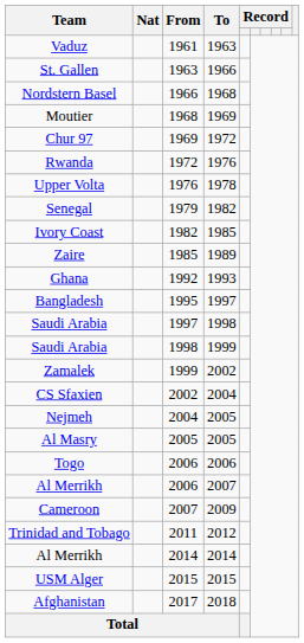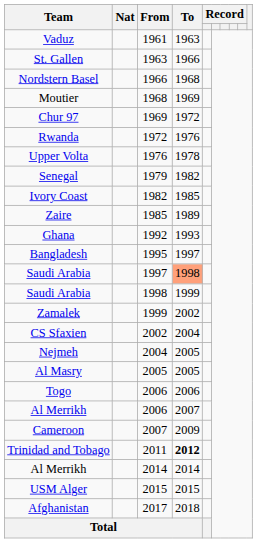 <table class="wikitable" style="text-align:center">
 <tr>
 <th rowspan="2">Team</th>
 <th rowspan="2">Nat</th>
 <th rowspan="2">From</th>
 <th rowspan="2">To</th>
 <th colspan="5">Record</th>
 <th rowspan="2"></th>
 </tr>
 <tr>
 <th></th>
 <th></th>
 <th></th>
 <th></th>
 <th></th>
 </tr>
 <tr>
 <td><a href='#'>Vaduz</a></td>
 <td></td>
 <td>1961</td>
 <td>1963<br></td>
 <td></td>
 </tr>
 <tr>
 <td><a href='#'>St. Gallen</a></td>
 <td></td>
 <td>1963</td>
 <td>1966<br></td>
 <td></td>
 </tr>
 <tr>
 <td><a href='#'>Nordstern Basel</a></td>
 <td></td>
 <td>1966</td>
 <td>1968<br></td>
 <td></td>
 </tr>
 <tr>
 <td>Moutier</td>
 <td></td>
 <td>1968</td>
 <td>1969<br></td>
 <td></td>
 </tr>
 <tr>
 <td><a href='#'>Chur 97</a></td>
 <td></td>
 <td>1969</td>
 <td>1972<br></td>
 <td></td>
 </tr>
 <tr>
 <td><a href='#'>Rwanda</a></td>
 <td></td>
 <td>1972</td>
 <td>1976<br></td>
 <td></td>
 </tr>
 <tr>
 <td><a href='#'>Upper Volta</a></td>
 <td></td>
 <td>1976</td>
 <td>1978<br></td>
 <td></td>
 </tr>
 <tr>
 <td><a href='#'>Senegal</a></td>
 <td></td>
 <td>1979</td>
 <td>1982<br></td>
 <td></td>
 </tr>
 <tr>
 <td><a href='#'>Ivory Coast</a></td>
 <td></td>
 <td>1982</td>
 <td>1985<br></td>
 <td></td>
 </tr>
 <tr>
 <td><a href='#'>Zaire</a></td>
 <td></td>
 <td>1985</td>
 <td>1989<br></td>
 <td></td>
 </tr>
 <tr>
 <td><a href='#'>Ghana</a></td>
 <td></td>
 <td>1992</td>
 <td>1993<br></td>
 <td></td>
 </tr>
 <tr>
 <td><a href='#'>Bangladesh</a></td>
 <td></td>
 <td>1995</td>
 <td>1997<br></td>
 <td></td>
 </tr>
 <tr>
 <td><a href='#'>Saudi Arabia</a></td>
 <td></td>
 <td>1997</td>
-<td>1998<br></td>
+<td style="background: lightsalmon;">1998<br></td>
 <td></td>
 </tr>
 <tr>
 <td><a href='#'>Saudi Arabia</a></td>
 <td></td>
 <td>1998</td>
 <td>1999<br></td>
 <td></td>
 </tr>
 <tr>
 <td><a href='#'>Zamalek</a></td>
 <td></td>
 <td>1999</td>
 <td>2002<br></td>
 <td></td>
 </tr>
 <tr>
 <td><a href='#'>CS Sfaxien</a></td>
 <td></td>
 <td>2002</td>
 <td>2004<br></td>
 <td></td>
 </tr>
 <tr>
 <td><a href='#'>Nejmeh</a></td>
 <td></td>
 <td>2004</td>
 <td>2005<br></td>
 <td></td>
 </tr>
 <tr>
 <td><a href='#'>Al Masry</a></td>
 <td></td>
 <td>2005</td>
 <td>2005<br></td>
 <td></td>
 </tr>
 <tr>
 <td><a href='#'>Togo</a></td>
 <td></td>
 <td>2006</td>
 <td>2006<br></td>
 <td></td>
 </tr>
 <tr>
 <td><a href='#'>Al Merrikh</a></td>
 <td></td>
 <td>2006</td>
 <td>2007<br></td>
 <td></td>
 </tr>
 <tr>
 <td><a href='#'>Cameroon</a></td>
 <td></td>
 <td>2007</td>
 <td>2009<br></td>
 <td></td>
 </tr>
 <tr>
 <td><a href='#'>Trinidad and Tobago</a></td>
 <td></td>
 <td>2011</td>
-<td>2012<br></td>
+<td><strong>2012<br></strong></td>
 <td></td>
 </tr>
 <tr>
 <td>Al Merrikh</td>
 <td></td>
 <td>2014</td>
 <td>2014<br></td>
 <td></td>
 </tr>
 <tr>
 <td><a href='#'>USM Alger</a></td>
 <td></td>
 <td>2015</td>
 <td>2015<br></td>
 <td></td>
 </tr>
 <tr>
 <td><a href='#'>Afghanistan</a></td>
 <td></td>
 <td>2017</td>
 <td>2018<br></td>
 <td></td>
 </tr>
 <tr>
 <th colspan="4">Total<br></th>
 <th></th>
 </tr>
 </table>
